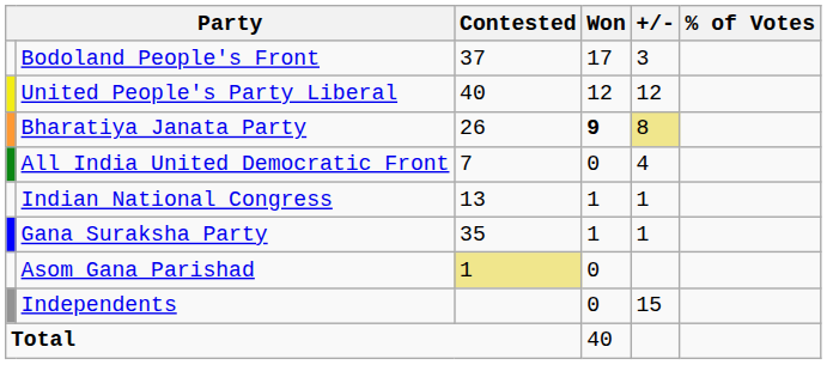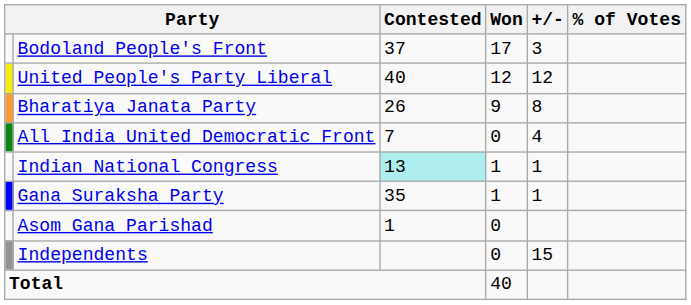 <table class="wikitable sortable">
 <tr>
 <th Colspan=2>Party</th>
 <th>Contested</th>
 <th>Won</th>
 <th>+/-</th>
 <th>% of Votes</th>
 </tr>
 <tr>
 <td bgcolor=></td>
 <td><a href='#'>Bodoland People's Front</a></td>
 <td>37</td>
 <td>17</td>
 <td>3</td>
 <td></td>
 </tr>
 <tr>
 <td bgcolor=#F3ED13></td>
 <td><a href='#'>United People's Party Liberal</a></td>
 <td>40</td>
 <td>12</td>
 <td>12</td>
 <td></td>
 </tr>
 <tr>
 <td bgcolor=#FF9933></td>
 <td><a href='#'>Bharatiya Janata Party</a></td>
 <td>26</td>
-<td><strong>9</strong></td>
-<td style="background: khaki;">8</td>
+<td>9</td>
+<td>8</td>
 <td></td>
 </tr>
 <tr>
 <td bgcolor=#0A8612></td>
 <td><a href='#'>All India United Democratic Front</a></td>
 <td>7</td>
 <td>0</td>
 <td>4</td>
 <td></td>
 </tr>
 <tr>
 <td style="background-color:"></td>
 <td><a href='#'>Indian National Congress</a></td>
-<td>13</td>
+<td style="background: paleturquoise;">13</td>
 <td>1</td>
 <td>1</td>
 <td></td>
 </tr>
 <tr>
 <td bgcolor=#0000FF></td>
 <td><a href='#'>Gana Suraksha Party</a></td>
 <td>35</td>
 <td>1</td>
 <td>1</td>
 <td></td>
 </tr>
 <tr>
 <td style="background-color:"></td>
 <td><a href='#'>Asom Gana Parishad</a></td>
-<td style="background: khaki;">1</td>
+<td>1</td>
 <td>0</td>
 <td></td>
 <td></td>
 </tr>
 <tr>
 <td bgcolor=#939393></td>
 <td><a href='#'>Independents</a></td>
 <td></td>
 <td>0</td>
 <td>15</td>
 <td></td>
 </tr>
 <tr>
 <td colspan=3><strong>Total</strong></td>
 <td>40</td>
 <td></td>
 <td></td>
 </tr>
 </table>
